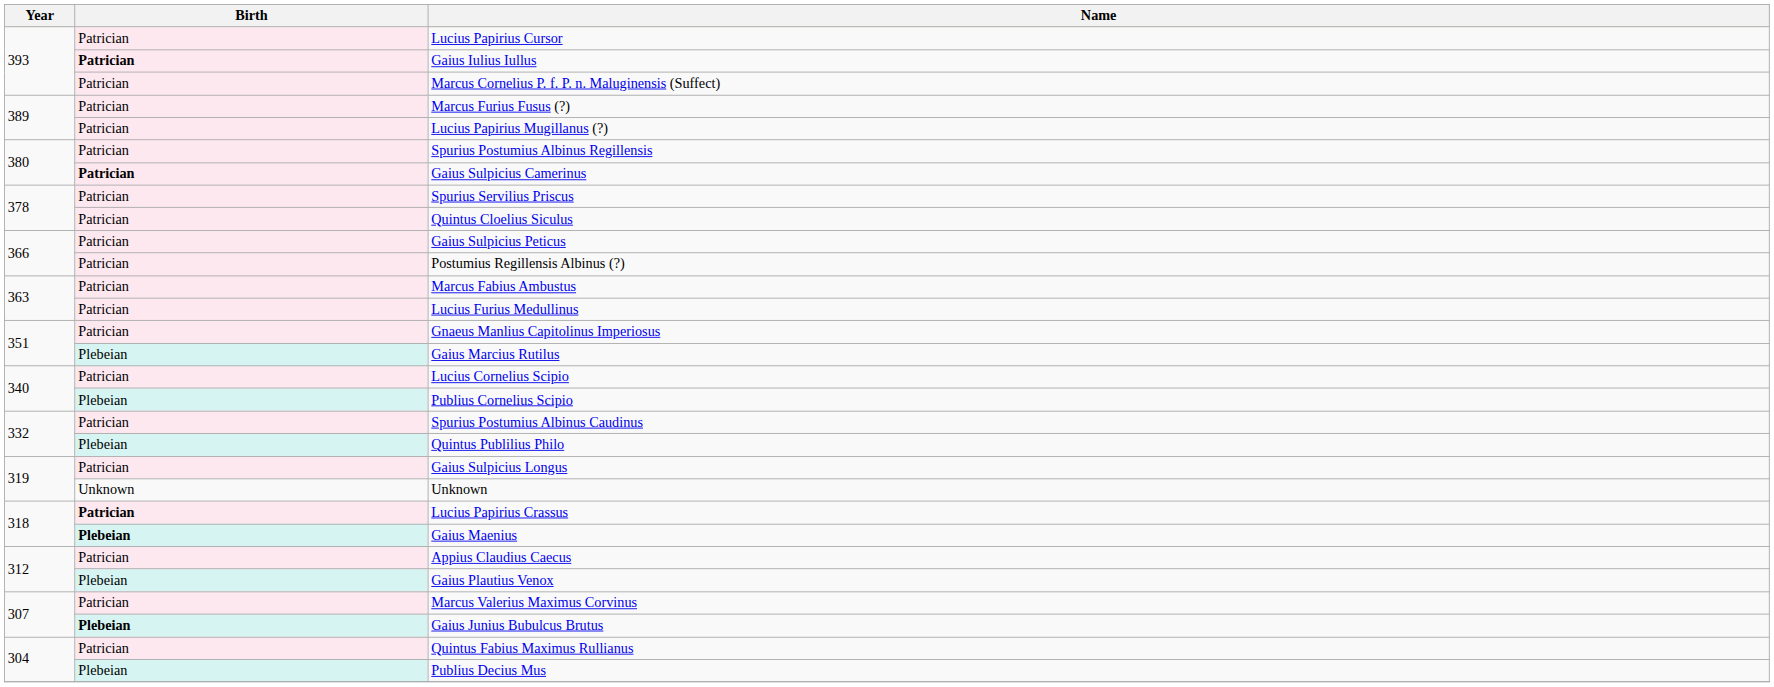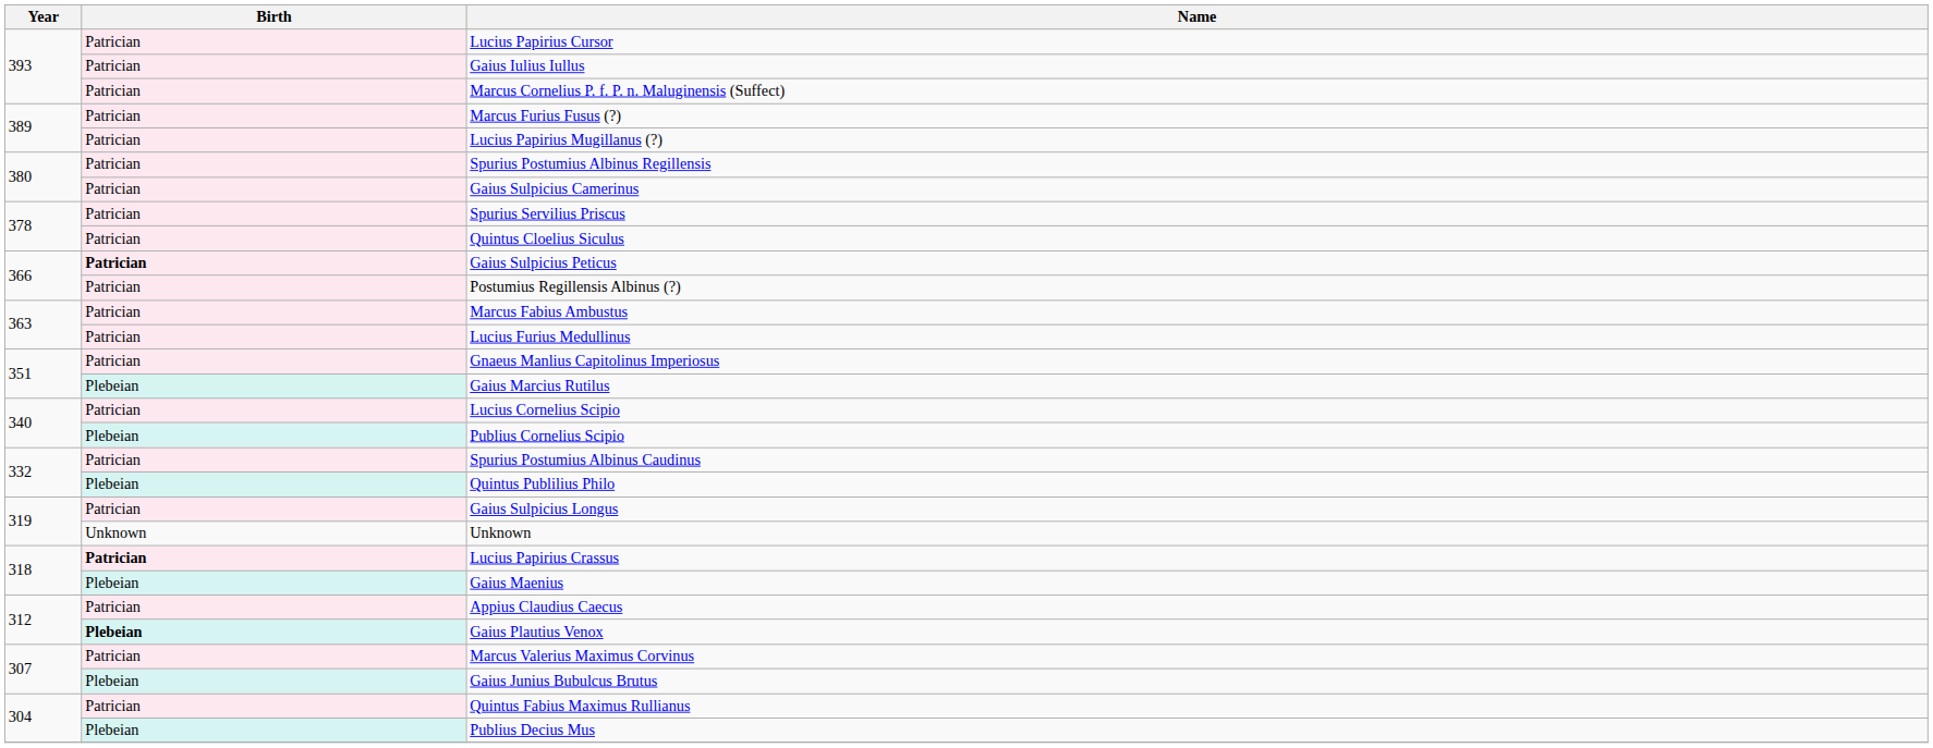 <table class="wikitable sortable"  width="100%">
 <tr bgcolor="#FFDEAD">
 <th width="4%">Year</th>
 <th width="20%">Birth</th>
 <th>Name</th>
 </tr>
 <tr>
 <td rowspan="3">393</td>
 <td style="background: #fde8f0;">Patrician</td>
 <td><a href='#'>Lucius Papirius Cursor</a></td>
 </tr>
 <tr>
-<td style="background: #fde8f0;"><strong>Patrician</strong></td>
+<td style="background: #fde8f0;">Patrician</td>
 <td><a href='#'>Gaius Iulius Iullus</a></td>
 </tr>
 <tr>
 <td style="background: #fde8f0;">Patrician</td>
 <td><a href='#'>Marcus Cornelius P. f. P. n.  Maluginensis</a> (Suffect)</td>
 </tr>
 <tr>
 <td rowspan="2">389</td>
 <td style="background: #fde8f0;">Patrician</td>
 <td><a href='#'>Marcus Furius Fusus</a> (?)</td>
 </tr>
 <tr>
 <td style="background: #fde8f0;">Patrician</td>
 <td><a href='#'>Lucius Papirius Mugillanus</a> (?)</td>
 </tr>
 <tr>
 <td rowspan="2">380</td>
 <td style="background: #fde8f0;">Patrician</td>
 <td><a href='#'>Spurius Postumius Albinus Regillensis</a></td>
 </tr>
 <tr>
-<td style="background: #fde8f0;"><strong>Patrician</strong></td>
+<td style="background: #fde8f0;">Patrician</td>
 <td><a href='#'>Gaius Sulpicius Camerinus</a></td>
 </tr>
 <tr>
 <td rowspan="2">378</td>
 <td style="background: #fde8f0;">Patrician</td>
 <td><a href='#'>Spurius Servilius Priscus</a></td>
 </tr>
 <tr>
 <td style="background: #fde8f0;">Patrician</td>
 <td><a href='#'>Quintus Cloelius Siculus</a></td>
 </tr>
 <tr>
 <td rowspan="2">366</td>
-<td style="background: #fde8f0;">Patrician</td>
+<td style="background: #fde8f0;"><strong>Patrician</strong></td>
 <td><a href='#'>Gaius Sulpicius Peticus</a></td>
 </tr>
 <tr>
 <td style="background: #fde8f0;">Patrician</td>
 <td>Postumius Regillensis Albinus (?)</td>
 </tr>
 <tr>
 <td rowspan="2">363</td>
 <td style="background: #fde8f0;">Patrician</td>
 <td><a href='#'>Marcus Fabius Ambustus</a></td>
 </tr>
 <tr>
 <td style="background: #fde8f0;">Patrician</td>
 <td><a href='#'>Lucius Furius Medullinus</a></td>
 </tr>
 <tr>
 <td rowspan="2">351</td>
 <td style="background: #fde8f0;">Patrician</td>
 <td><a href='#'>Gnaeus Manlius Capitolinus Imperiosus</a></td>
 </tr>
 <tr>
 <td style="background: #d6f5f2;">Plebeian</td>
 <td><a href='#'>Gaius Marcius Rutilus</a></td>
 </tr>
 <tr>
 <td rowspan="2">340</td>
 <td style="background: #fde8f0;">Patrician</td>
 <td><a href='#'>Lucius Cornelius Scipio</a></td>
 </tr>
 <tr>
 <td style="background: #d6f5f2;">Plebeian</td>
 <td><a href='#'>Publius Cornelius Scipio</a></td>
 </tr>
 <tr>
 <td rowspan="2">332</td>
 <td style="background: #fde8f0;">Patrician</td>
 <td><a href='#'>Spurius Postumius Albinus Caudinus</a></td>
 </tr>
 <tr>
 <td style="background: #d6f5f2;">Plebeian</td>
 <td><a href='#'>Quintus Publilius Philo</a></td>
 </tr>
 <tr>
 <td rowspan="2">319</td>
 <td style="background: #fde8f0;">Patrician</td>
 <td><a href='#'>Gaius Sulpicius Longus</a></td>
 </tr>
 <tr>
 <td>Unknown</td>
 <td>Unknown</td>
 </tr>
 <tr>
 <td rowspan="2">318</td>
 <td style="background: #fde8f0;"><strong>Patrician</strong></td>
 <td><a href='#'>Lucius Papirius Crassus</a></td>
 </tr>
 <tr>
-<td style="background: #d6f5f2;"><strong>Plebeian</strong></td>
+<td style="background: #d6f5f2;">Plebeian</td>
 <td><a href='#'>Gaius Maenius</a></td>
 </tr>
 <tr>
 <td rowspan="2">312</td>
 <td style="background: #fde8f0;">Patrician</td>
 <td><a href='#'>Appius Claudius Caecus</a></td>
 </tr>
 <tr>
-<td style="background: #d6f5f2;">Plebeian</td>
+<td style="background: #d6f5f2;"><strong>Plebeian</strong></td>
 <td><a href='#'>Gaius Plautius Venox</a></td>
 </tr>
 <tr>
 <td rowspan="2">307</td>
 <td style="background: #fde8f0;">Patrician</td>
 <td><a href='#'>Marcus Valerius Maximus Corvinus</a></td>
 </tr>
 <tr>
-<td style="background: #d6f5f2;"><strong>Plebeian</strong></td>
+<td style="background: #d6f5f2;">Plebeian</td>
 <td><a href='#'>Gaius Junius Bubulcus Brutus</a></td>
 </tr>
 <tr>
 <td rowspan="2">304</td>
 <td style="background: #fde8f0;">Patrician</td>
 <td><a href='#'>Quintus Fabius Maximus Rullianus</a></td>
 </tr>
 <tr>
 <td style="background: #d6f5f2;">Plebeian</td>
 <td><a href='#'>Publius Decius Mus</a></td>
 </tr>
 <tr>
 </tr>
 </table>
